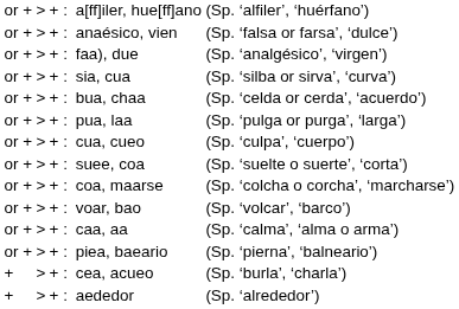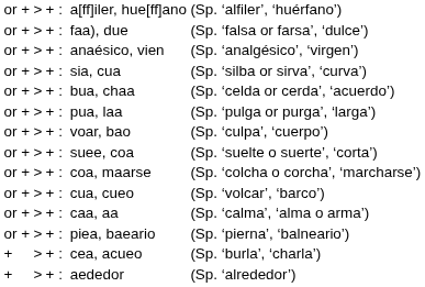 <table>
 <tr>
 <td> or  + </td>
 <td>></td>
 <td> + :</td>
 <td></td>
 <td>a[ff]iler, hue[ff]ano</td>
 <td>(Sp. ‘alfiler’, ‘huérfano’)</td>
 </tr>
 <tr>
 <td> or  + </td>
 <td>></td>
 <td> + :</td>
 <td></td>
-<td>anaésico, vien</td>
+<td>faa), due</td>
 <td>(Sp. ‘falsa or farsa’, ‘dulce’)</td>
 </tr>
 <tr>
 <td> or  + </td>
 <td>></td>
 <td> + :</td>
 <td></td>
-<td>faa), due</td>
+<td>anaésico, vien</td>
 <td>(Sp. ‘analgésico’, ‘virgen’)</td>
 </tr>
 <tr>
 <td> or  + </td>
 <td>></td>
 <td> + :</td>
 <td></td>
 <td>sia, cua</td>
 <td>(Sp. ‘silba or sirva’, ‘curva’)</td>
 </tr>
 <tr>
 <td> or  + </td>
 <td>></td>
 <td> + :</td>
 <td></td>
 <td>bua, chaa</td>
 <td>(Sp. ‘celda or cerda’, ‘acuerdo’)</td>
 </tr>
 <tr>
 <td> or  + </td>
 <td>></td>
 <td> + :</td>
 <td></td>
 <td>pua, laa</td>
 <td>(Sp. ‘pulga or purga’, ‘larga’)</td>
 </tr>
 <tr>
 <td> or  + </td>
 <td>></td>
 <td> + :</td>
 <td></td>
-<td>cua, cueo</td>
+<td>voar, bao</td>
 <td>(Sp. ‘culpa’, ‘cuerpo’)</td>
 </tr>
 <tr>
 <td> or  + </td>
 <td>></td>
 <td> + :</td>
 <td></td>
 <td>suee, coa</td>
 <td>(Sp. ‘suelte o suerte’, ‘corta’)</td>
 </tr>
 <tr>
 <td> or  + </td>
 <td>></td>
 <td> + :</td>
 <td></td>
 <td>coa, maarse</td>
 <td>(Sp. ‘colcha o corcha’, ‘marcharse’)</td>
 </tr>
 <tr>
 <td> or  + </td>
 <td>></td>
 <td> + :</td>
 <td></td>
-<td>voar, bao</td>
+<td>cua, cueo</td>
 <td>(Sp. ‘volcar’, ‘barco’)</td>
 </tr>
 <tr>
 <td> or  + </td>
 <td>></td>
 <td> + :</td>
 <td></td>
 <td>caa, aa</td>
 <td>(Sp. ‘calma’, ‘alma o arma’)</td>
 </tr>
 <tr>
 <td> or  + </td>
 <td>></td>
 <td> + :</td>
 <td></td>
 <td>piea, baeario</td>
 <td>(Sp. ‘pierna’, ‘balneario’)</td>
 </tr>
 <tr>
 <td> + </td>
 <td>></td>
 <td> + :</td>
 <td></td>
 <td>cea, acueo</td>
 <td>(Sp. ‘burla’, ‘charla’)</td>
 </tr>
 <tr>
 <td> + </td>
 <td>></td>
 <td> + :</td>
 <td></td>
 <td>aededor</td>
 <td>(Sp. ‘alrededor’)</td>
 </tr>
 </table>
